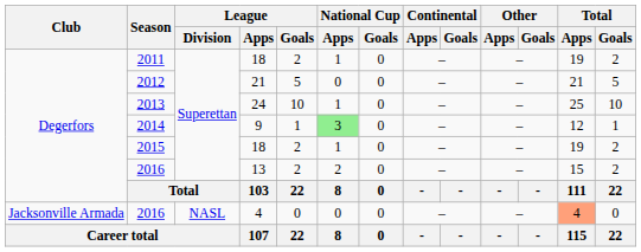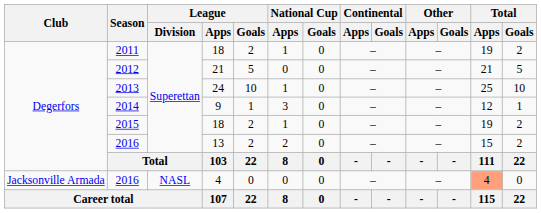 <table class="wikitable" style="text-align: center;">
 <tr>
 <th rowspan="2">Club</th>
 <th rowspan="2">Season</th>
 <th colspan="3">League</th>
 <th colspan="2">National Cup</th>
 <th colspan="2">Continental</th>
 <th colspan="2">Other</th>
 <th colspan="2">Total</th>
 </tr>
 <tr>
 <th>Division</th>
 <th>Apps</th>
 <th>Goals</th>
 <th>Apps</th>
 <th>Goals</th>
 <th>Apps</th>
 <th>Goals</th>
 <th>Apps</th>
 <th>Goals</th>
 <th>Apps</th>
 <th>Goals</th>
 </tr>
 <tr>
 <td rowspan="7" valign="center"><a href='#'>Degerfors</a></td>
 <td><a href='#'>2011</a></td>
 <td rowspan="6" valign="center"><a href='#'>Superettan</a></td>
 <td>18</td>
 <td>2</td>
 <td>1</td>
 <td>0</td>
 <td colspan="2">–</td>
 <td colspan="2">–</td>
 <td>19</td>
 <td>2</td>
 </tr>
 <tr>
 <td><a href='#'>2012</a></td>
 <td>21</td>
 <td>5</td>
 <td>0</td>
 <td>0</td>
 <td colspan="2">–</td>
 <td colspan="2">–</td>
 <td>21</td>
 <td>5</td>
 </tr>
 <tr>
 <td><a href='#'>2013</a></td>
 <td>24</td>
 <td>10</td>
 <td>1</td>
 <td>0</td>
 <td colspan="2">–</td>
 <td colspan="2">–</td>
 <td>25</td>
 <td>10</td>
 </tr>
 <tr>
 <td><a href='#'>2014</a></td>
 <td>9</td>
 <td>1</td>
-<td style="background: lightgreen;">3</td>
+<td>3</td>
 <td>0</td>
 <td colspan="2">–</td>
 <td colspan="2">–</td>
 <td>12</td>
 <td>1</td>
 </tr>
 <tr>
 <td><a href='#'>2015</a></td>
 <td>18</td>
 <td>2</td>
 <td>1</td>
 <td>0</td>
 <td colspan="2">–</td>
 <td colspan="2">–</td>
 <td>19</td>
 <td>2</td>
 </tr>
 <tr>
 <td><a href='#'>2016</a></td>
 <td>13</td>
 <td>2</td>
 <td>2</td>
 <td>0</td>
 <td colspan="2">–</td>
 <td colspan="2">–</td>
 <td>15</td>
 <td>2</td>
 </tr>
 <tr>
 <th colspan="2">Total</th>
 <th>103</th>
 <th>22</th>
 <th>8</th>
 <th>0</th>
 <th>-</th>
 <th>-</th>
 <th>-</th>
 <th>-</th>
 <th>111</th>
 <th>22</th>
 </tr>
 <tr>
 <td valign="center"><a href='#'>Jacksonville Armada</a></td>
 <td><a href='#'>2016</a></td>
 <td><a href='#'>NASL</a></td>
 <td>4</td>
 <td>0</td>
 <td>0</td>
 <td>0</td>
 <td colspan="2">–</td>
 <td colspan="2">–</td>
 <td style="background: lightsalmon;">4</td>
 <td>0</td>
 </tr>
 <tr>
 <th colspan="3">Career total</th>
 <th>107</th>
 <th>22</th>
 <th>8</th>
 <th>0</th>
 <th>-</th>
 <th>-</th>
 <th>-</th>
 <th>-</th>
 <th>115</th>
 <th>22</th>
 </tr>
 </table>
